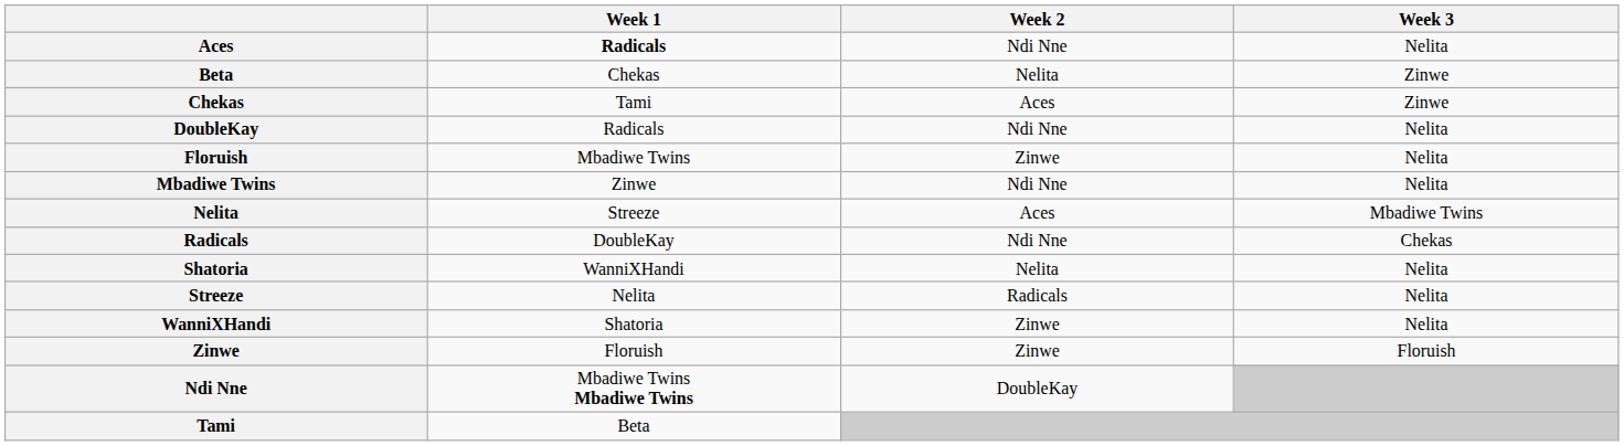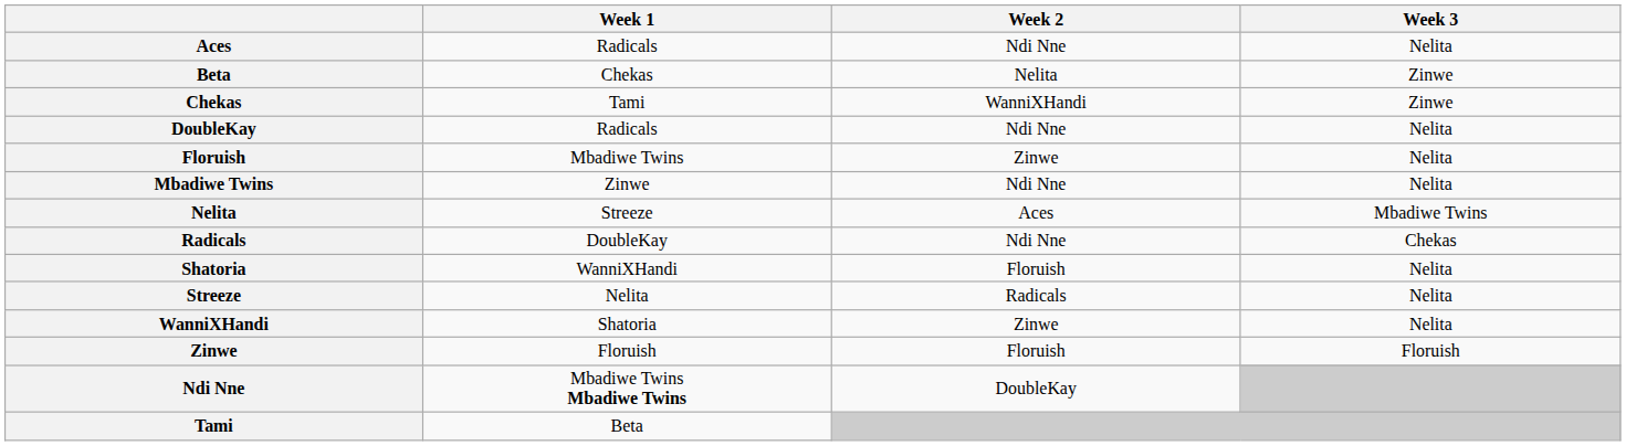 <table class="wikitable" style="text-align:center; font-size:85%; line-height:15px;">
 <tr>
 <th style="width:5%;"></th>
 <th style="width:5%;">Week 1</th>
 <th style="width:5%;">Week 2</th>
 <th style="width:5%;">Week 3</th>
 </tr>
 <tr>
 <th>Aces</th>
-<td><strong>Radicals</strong></td>
+<td>Radicals</td>
 <td>Ndi Nne</td>
 <td>Nelita</td>
 </tr>
 <tr>
 <th>Beta</th>
 <td>Chekas</td>
 <td>Nelita</td>
 <td>Zinwe</td>
 </tr>
 <tr>
 <th>Chekas</th>
 <td>Tami</td>
-<td>Aces</td>
+<td>WanniXHandi</td>
 <td>Zinwe</td>
 </tr>
 <tr>
 <th>DoubleKay</th>
 <td>Radicals</td>
 <td>Ndi Nne</td>
 <td>Nelita</td>
 </tr>
 <tr>
 <th>Floruish</th>
 <td>Mbadiwe Twins</td>
 <td>Zinwe</td>
 <td>Nelita</td>
 </tr>
 <tr>
 <th>Mbadiwe Twins</th>
 <td>Zinwe</td>
 <td>Ndi Nne</td>
 <td>Nelita</td>
 </tr>
 <tr>
 <th>Nelita</th>
 <td>Streeze</td>
 <td>Aces</td>
 <td>Mbadiwe Twins</td>
 </tr>
 <tr>
 <th>Radicals</th>
 <td>DoubleKay</td>
 <td>Ndi Nne</td>
 <td>Chekas</td>
 </tr>
 <tr>
 <th>Shatoria</th>
 <td>WanniXHandi</td>
-<td>Nelita</td>
+<td>Floruish</td>
 <td>Nelita</td>
 </tr>
 <tr>
 <th>Streeze</th>
 <td>Nelita</td>
 <td>Radicals</td>
 <td>Nelita</td>
 </tr>
 <tr>
 <th>WanniXHandi</th>
 <td>Shatoria</td>
 <td>Zinwe</td>
 <td>Nelita</td>
 </tr>
 <tr>
 <th>Zinwe</th>
 <td>Floruish</td>
-<td>Zinwe</td>
+<td>Floruish</td>
 <td>Floruish</td>
 </tr>
 <tr>
 <th>Ndi Nne</th>
 <td>Mbadiwe Twins<br><strong>Mbadiwe Twins</strong></td>
 <td>DoubleKay</td>
 <td style="background:#ccc"></td>
 </tr>
 <tr>
 <th>Tami</th>
 <td>Beta</td>
 <td style="background:#ccc" colspan="2"></td>
 </tr>
 </table>
